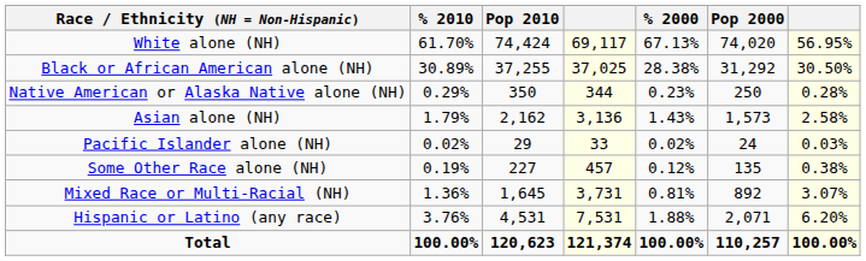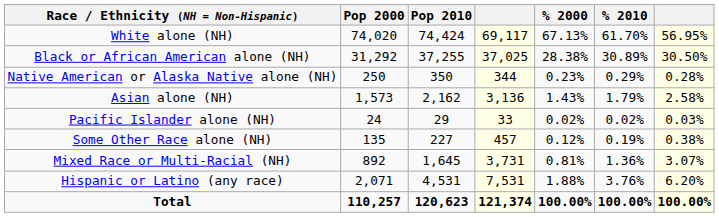 <table class="wikitable" style="text-align:center;">
 <tr>
 <th>Race / Ethnicity <small>(<em>NH = Non-Hispanic</em>)</small></th>
-<th>% 2010</th>
+<th>Pop 2000</th>
 <th>Pop 2010</th>
 <th></th>
 <th>% 2000</th>
-<th>Pop 2000</th>
+<th>% 2010</th>
 <th></th>
 </tr>
 <tr>
 <td><a href='#'>White</a> alone (NH)</td>
-<td>61.70%</td>
+<td>74,020</td>
 <td>74,424</td>
 <td style='background: #ffffe6;'>69,117</td>
 <td>67.13%</td>
-<td>74,020</td>
+<td>61.70%</td>
 <td style='background: #ffffe6;'>56.95%</td>
 </tr>
 <tr>
 <td><a href='#'>Black or African American</a> alone (NH)</td>
-<td>30.89%</td>
+<td>31,292</td>
 <td>37,255</td>
 <td style='background: #ffffe6;'>37,025</td>
 <td>28.38%</td>
-<td>31,292</td>
+<td>30.89%</td>
 <td style='background: #ffffe6;'>30.50%</td>
 </tr>
 <tr>
 <td><a href='#'>Native American</a> or <a href='#'>Alaska Native</a> alone (NH)</td>
-<td>0.29%</td>
+<td>250</td>
 <td>350</td>
 <td style='background: #ffffe6;'>344</td>
 <td>0.23%</td>
-<td>250</td>
+<td>0.29%</td>
 <td style='background: #ffffe6;'>0.28%</td>
 </tr>
 <tr>
 <td><a href='#'>Asian</a> alone (NH)</td>
-<td>1.79%</td>
+<td>1,573</td>
 <td>2,162</td>
 <td style='background: #ffffe6;'>3,136</td>
 <td>1.43%</td>
-<td>1,573</td>
+<td>1.79%</td>
 <td style='background: #ffffe6;'>2.58%</td>
 </tr>
 <tr>
 <td><a href='#'>Pacific Islander</a> alone (NH)</td>
-<td>0.02%</td>
+<td>24</td>
 <td>29</td>
 <td style='background: #ffffe6;'>33</td>
 <td>0.02%</td>
-<td>24</td>
+<td>0.02%</td>
 <td style='background: #ffffe6;'>0.03%</td>
 </tr>
 <tr>
 <td><a href='#'>Some Other Race</a> alone (NH)</td>
-<td>0.19%</td>
+<td>135</td>
 <td>227</td>
 <td style='background: #ffffe6;'>457</td>
 <td>0.12%</td>
-<td>135</td>
+<td>0.19%</td>
 <td style='background: #ffffe6;'>0.38%</td>
 </tr>
 <tr>
 <td><a href='#'>Mixed Race or Multi-Racial</a> (NH)</td>
-<td>1.36%</td>
+<td>892</td>
 <td>1,645</td>
 <td style='background: #ffffe6;'>3,731</td>
 <td>0.81%</td>
-<td>892</td>
+<td>1.36%</td>
 <td style='background: #ffffe6;'>3.07%</td>
 </tr>
 <tr>
 <td><a href='#'>Hispanic or Latino</a> (any race)</td>
-<td>3.76%</td>
+<td>2,071</td>
 <td>4,531</td>
 <td style='background: #ffffe6;'>7,531</td>
 <td>1.88%</td>
-<td>2,071</td>
+<td>3.76%</td>
 <td style='background: #ffffe6;'>6.20%</td>
 </tr>
 <tr>
 <td><strong>Total</strong></td>
-<td><strong>100.00%</strong></td>
+<td><strong>110,257</strong></td>
 <td><strong>120,623</strong></td>
 <td style='background: #ffffe6;'><strong>121,374</strong></td>
 <td><strong>100.00%</strong></td>
-<td><strong>110,257</strong></td>
+<td><strong>100.00%</strong></td>
 <td style='background: #ffffe6;'><strong>100.00%</strong></td>
 </tr>
 </table>
